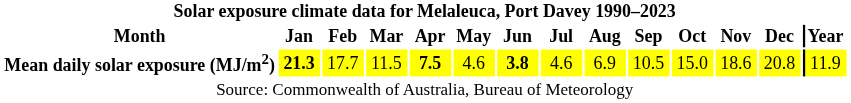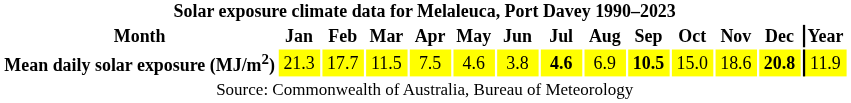 <table>
 <tr>
 <th colspan=14>Solar exposure climate data for Melaleuca, Port Davey 1990–2023</th>
 </tr>
 <tr>
 <th>Month</th>
 <th>Jan</th>
 <th>Feb</th>
 <th>Mar</th>
 <th>Apr</th>
 <th>May</th>
 <th>Jun</th>
 <th>Jul</th>
 <th>Aug</th>
 <th>Sep</th>
 <th>Oct</th>
 <th>Nov</th>
 <th>Dec</th>
 <th style="border-left: 2px double black">Year</th>
 </tr>
 <tr>
 <th>Mean daily solar exposure (MJ/m<sup>2</sup>)</th>
-<td style="width: 35px; background: yellow; text-align:center"><strong>21.3</strong></td>
+<td style="width: 35px; background: yellow; text-align:center">21.3</td>
 <td style="width: 35px; background: yellow; text-align:center">17.7</td>
 <td style="width: 35px; background: yellow; text-align:center">11.5</td>
-<td style="width: 35px; background: yellow; text-align:center"><strong>7.5</strong></td>
+<td style="width: 35px; background: yellow; text-align:center">7.5</td>
 <td style="width: 35px; background: yellow; text-align:center">4.6</td>
-<td style="width: 35px; background: yellow; text-align:center"><strong>3.8</strong></td>
-<td style="width: 35px; background: yellow; text-align:center">4.6</td>
+<td style="width: 35px; background: yellow; text-align:center">3.8</td>
+<td style="width: 35px; background: yellow; text-align:center"><strong>4.6</strong></td>
 <td style="width: 35px; background: yellow; text-align:center">6.9</td>
-<td style="width: 35px; background: yellow; text-align:center">10.5</td>
+<td style="width: 35px; background: yellow; text-align:center"><strong>10.5</strong></td>
 <td style="width: 35px; background: yellow; text-align:center">15.0</td>
 <td style="width: 35px; background: yellow; text-align:center">18.6</td>
-<td style="width: 35px; background: yellow; text-align:center">20.8</td>
+<td style="width: 35px; background: yellow; text-align:center"><strong>20.8</strong></td>
 <td style="width: 35px; background: yellow; text-align:center ; border-left: 2px double black">11.9</td>
 </tr>
 <tr>
 <td colspan=14 style="font-size: 95%; text-align:center">Source: Commonwealth of Australia, Bureau of Meteorology</td>
 </tr>
 </table>
